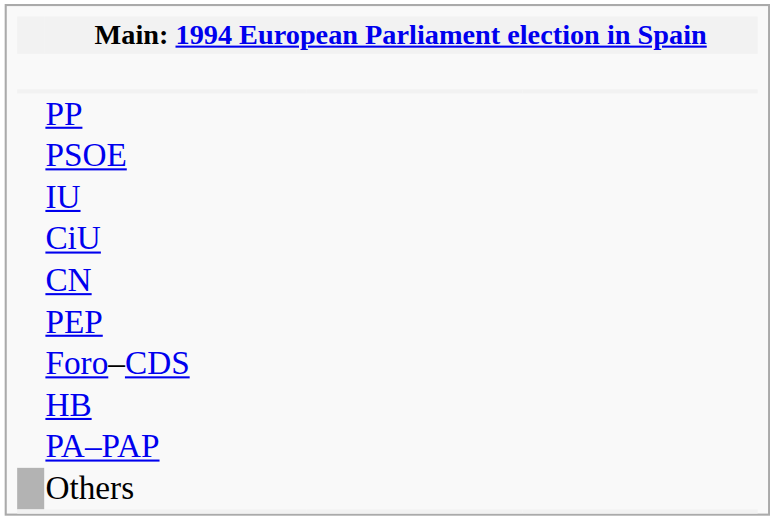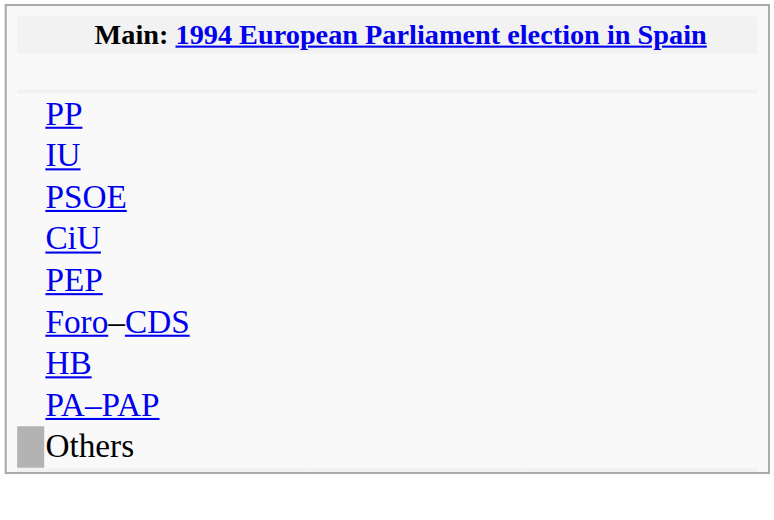 <table class="infobox vcard" cellspacing="0" style="width:23.0em; padding:0.3em; padding-bottom:0em">
 <tr>
 <td style="background:#F2F2F2; vertical-align:middle; padding:0.4em;" width="30px"></td>
 <th colspan="4" style="text-align:center; background:#F2F2F2; font-size:0.85em; width:100%; vertical-align:middle;">Main: <a href='#'>1994 European Parliament election in Spain</a></th>
 </tr>
 <tr>
 <td colspan="5" style="text-align:center; font-size:0.85em; padding:0.5em 0em;">  </td>
 </tr>
 <tr>
 <td colspan="5"></td>
 </tr>
 <tr>
 <td colspan="5"></td>
 </tr>
 <tr>
 <th colspan="2" style="background:#F2F2F2;"></th>
 <th style="background:#F2F2F2;"></th>
 <th style="background:#F2F2F2;"></th>
 <th style="background:#F2F2F2;"></th>
 </tr>
 <tr>
 <td style="background:"></td>
 <td width="85px"><a href='#'>PP</a></td>
 <td width="70px"></td>
 <td width="45px"></td>
 <td width="30px"></td>
 </tr>
 <tr>
 <td style="background:"></td>
+<td><a href='#'>IU</a></td>
+<td></td>
+<td></td>
+<td></td>
+</tr>
+<tr>
+<td style="background:"></td>
 <td><a href='#'>PSOE</a></td>
 <td></td>
 <td></td>
 <td></td>
 </tr>
 <tr>
 <td style="background:"></td>
-<td><a href='#'>IU</a></td>
-<td></td>
-<td></td>
-<td></td>
-</tr>
-<tr>
-<td style="background:"></td>
 <td><a href='#'>CiU</a></td>
-<td></td>
-<td></td>
-<td></td>
-</tr>
-<tr>
-<td style="background:"></td>
-<td><a href='#'>CN</a></td>
 <td></td>
 <td></td>
 <td></td>
 </tr>
 <tr>
 <td style="background:"></td>
 <td><a href='#'>PEP</a></td>
 <td></td>
 <td></td>
 <td></td>
 </tr>
 <tr>
 <td style="background:"></td>
 <td><a href='#'>Foro</a>–<a href='#'>CDS</a></td>
 <td></td>
 <td></td>
 <td></td>
 </tr>
 <tr>
 <td style="background:"></td>
 <td><a href='#'>HB</a></td>
 <td></td>
 <td></td>
 <td></td>
 </tr>
 <tr>
 <td style="background:"></td>
 <td><a href='#'>PA–PAP</a></td>
 <td></td>
 <td></td>
 <td></td>
 </tr>
 <tr>
 <td style="background:#B3B3B3;"></td>
 <td>Others</td>
 <td></td>
 <td></td>
 <td></td>
 </tr>
 <tr>
 <th colspan="2" style="background:#F2F2F2;"></th>
 <th style="background:#F2F2F2;"></th>
 <th style="background:#F2F2F2;"></th>
 <th style="background:#F2F2F2;"></th>
 </tr>
 </table>
